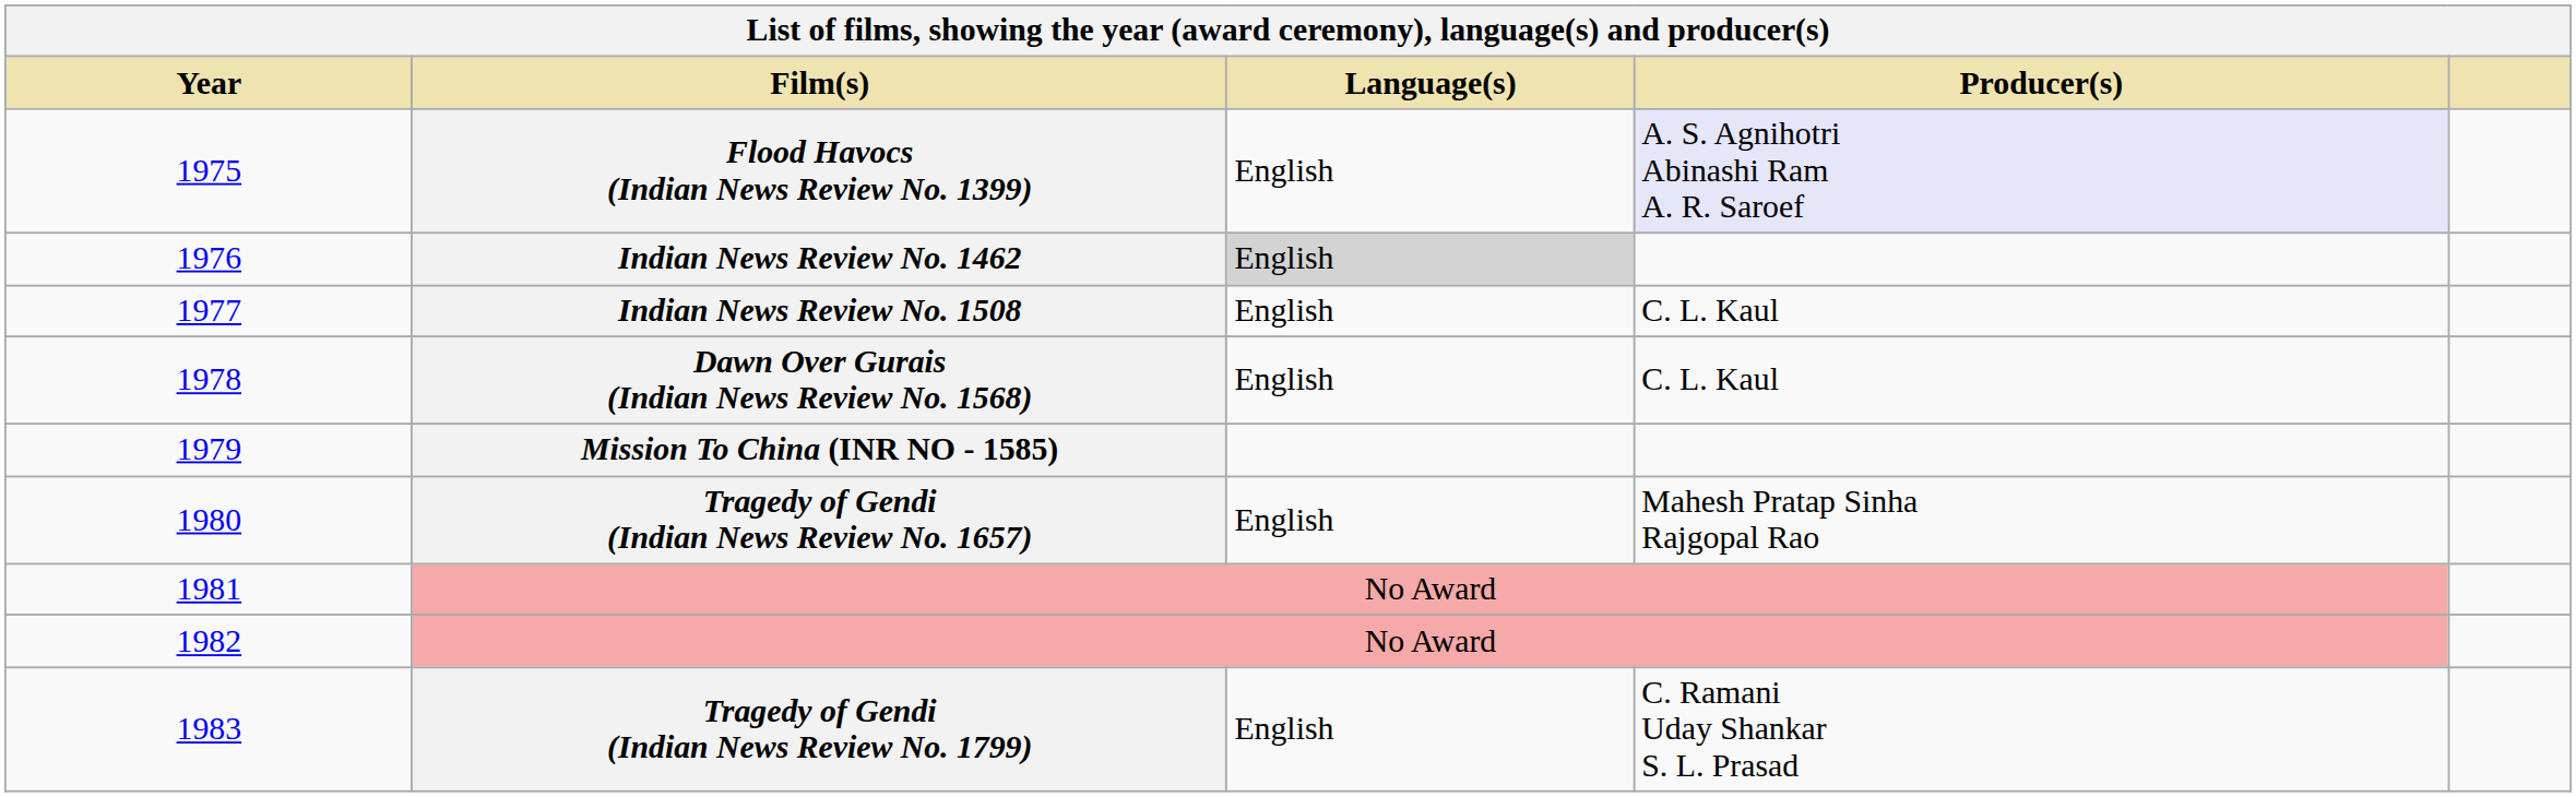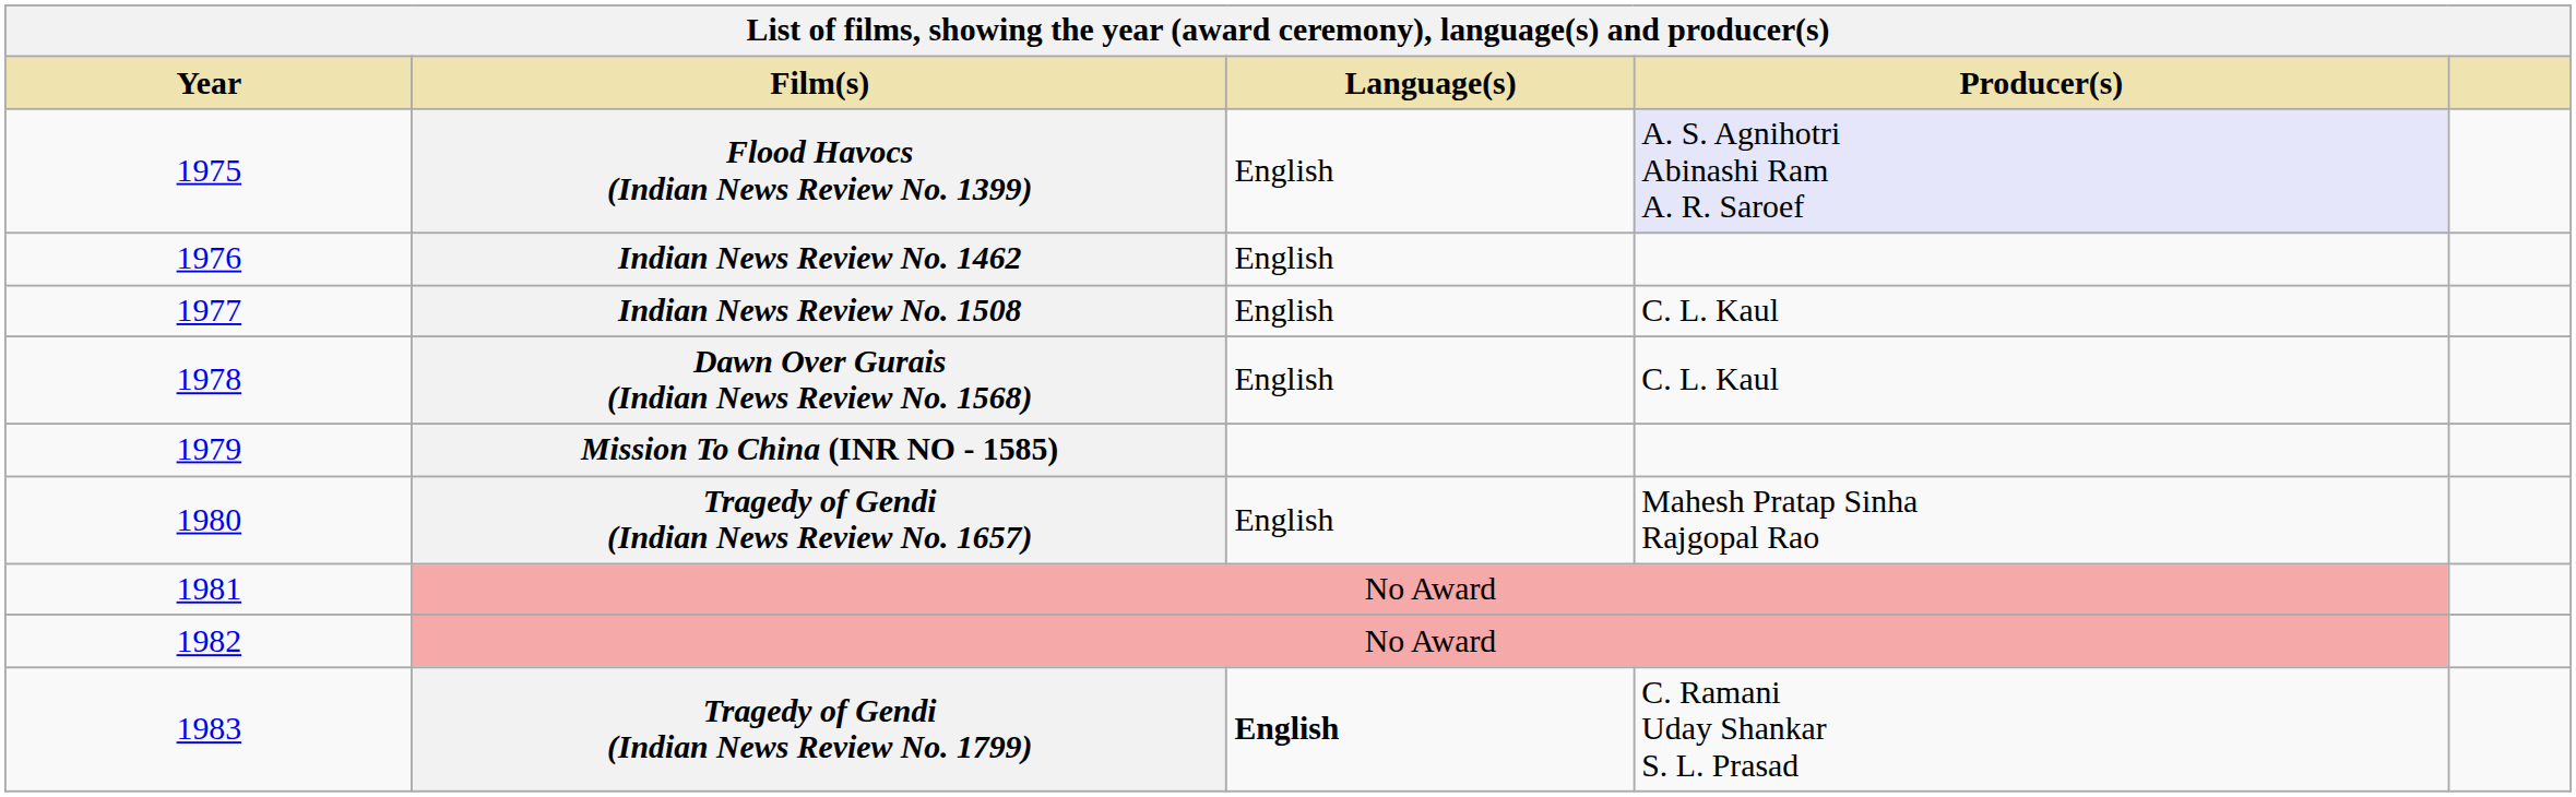 <table class="wikitable sortable plainrowheaders" style="width:100%">
 <tr>
 <th colspan="5">List of films, showing the year (award ceremony), language(s) and producer(s)</th>
 </tr>
 <tr>
 <th scope="col" style="background-color:#EFE4B0;width:10%">Year</th>
 <th scope="col" style="background-color:#EFE4B0;width:20%;">Film(s)</th>
 <th scope="col" style="background-color:#EFE4B0;width:10%;">Language(s)</th>
 <th scope="col" style="background-color:#EFE4B0;width:20%;">Producer(s)</th>
 <th scope="col" style="background-color:#EFE4B0;width:3%;" class="unsortable"></th>
 </tr>
 <tr>
 <td style="text-align:center;"><a href='#'>1975<br></a></td>
 <th scope="row"><em>Flood Havocs<br>(Indian News Review No. 1399)</em></th>
 <td>English</td>
 <td style="background: lavender;">A. S. Agnihotri<br>Abinashi Ram<br>A. R. Saroef</td>
 <td align="center"></td>
 </tr>
 <tr>
 <td style="text-align:center;"><a href='#'>1976<br></a></td>
 <th scope="row"><em>Indian News Review No. 1462</em></th>
-<td style="background: lightgrey;">English</td>
+<td>English</td>
 <td></td>
 <td align="center"></td>
 </tr>
 <tr>
 <td style="text-align:center;"><a href='#'>1977<br></a></td>
 <th scope="row"><em>Indian News Review No. 1508</em></th>
 <td>English</td>
 <td>C. L. Kaul</td>
 <td align="center"></td>
 </tr>
 <tr>
 <td style="text-align:center;"><a href='#'>1978<br></a></td>
 <th scope="row"><em>Dawn Over Gurais<br>(Indian News Review No. 1568)</em></th>
 <td>English</td>
 <td>C. L. Kaul</td>
 <td align="center"></td>
 </tr>
 <tr>
 <td style="text-align:center;"><a href='#'>1979<br></a></td>
 <th scope="row"><em>Mission To China</em> (INR NO - 1585)</th>
 <td></td>
 <td></td>
 <td align="center"></td>
 </tr>
 <tr>
 <td style="text-align:center;"><a href='#'>1980<br></a></td>
 <th scope="row"><em>Tragedy of Gendi<br>(Indian News Review No. 1657)</em></th>
 <td>English</td>
 <td>Mahesh Pratap Sinha<br>Rajgopal Rao</td>
 <td align="center"></td>
 </tr>
 <tr>
 <td style="text-align:center;"><a href='#'>1981<br></a></td>
 <td colspan="3" style="background-color:#F5A9A9;text-align:center;">No Award</td>
 <td align="center"></td>
 </tr>
 <tr>
 <td style="text-align:center;"><a href='#'>1982<br></a></td>
 <td colspan="3" style="background-color:#F5A9A9;text-align:center;">No Award</td>
 <td align="center"></td>
 </tr>
 <tr>
 <td style="text-align:center;"><a href='#'>1983<br></a></td>
 <th scope="row"><em>Tragedy of Gendi<br>(Indian News Review No. 1799)</em></th>
-<td>English</td>
+<td><strong>English</strong></td>
 <td>C. Ramani<br>Uday Shankar<br>S. L. Prasad</td>
 <td align="center"></td>
 </tr>
 </table>
